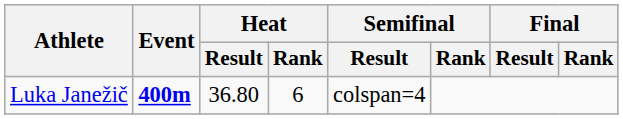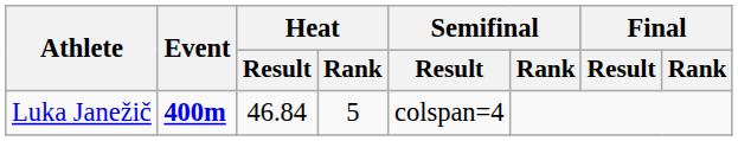 <table class="wikitable" style="font-size:90%">
 <tr>
 <th rowspan="2">Athlete</th>
 <th rowspan="2">Event</th>
 <th colspan="2">Heat</th>
 <th colspan="2">Semifinal</th>
 <th colspan="2">Final</th>
 </tr>
 <tr style="font-size:95%">
 <th>Result</th>
 <th>Rank</th>
 <th>Result</th>
 <th>Rank</th>
 <th>Result</th>
 <th>Rank</th>
 </tr>
 <tr style=text-align:center>
 <td style=text-align:left><a href='#'>Luka Janežič</a></td>
 <td style=text-align:left><strong><a href='#'>400m</a></strong></td>
-<td>36.80</td>
-<td>6</td>
+<td>46.84</td>
+<td>5</td>
 <td>colspan=4 </td>
 </tr>
 </table>
